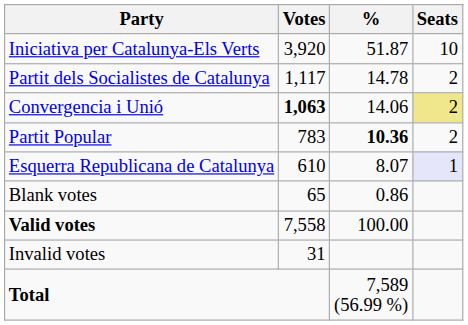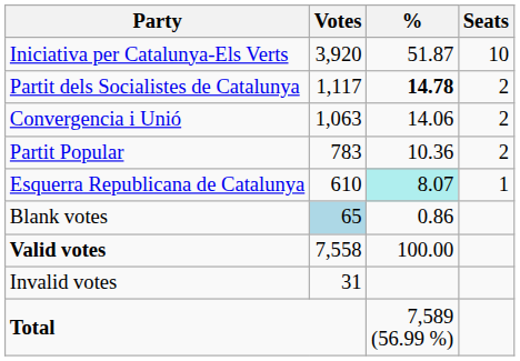 <table class="wikitable" border="1">
 <tr style="background-color:#E9E9E9">
 <th>Party</th>
 <th>Votes</th>
 <th>%</th>
 <th>Seats</th>
 </tr>
 <tr>
 <td><a href='#'>Iniciativa per Catalunya-Els Verts</a></td>
 <td align="right">3,920</td>
 <td align="right">51.87</td>
 <td align="right">10</td>
 </tr>
 <tr>
 <td><a href='#'>Partit dels Socialistes de Catalunya</a></td>
 <td align="right">1,117</td>
-<td align="right">14.78</td>
+<td align="right"><strong>14.78</strong></td>
 <td align="right">2</td>
 </tr>
 <tr>
 <td><a href='#'>Convergencia i Unió</a></td>
-<td align="right"><strong>1,063</strong></td>
+<td align="right">1,063</td>
 <td align="right">14.06</td>
-<td align="right" style="background: khaki;">2</td>
+<td align="right">2</td>
 </tr>
 <tr>
 <td><a href='#'>Partit Popular</a></td>
 <td align="right">783</td>
-<td align="right"><strong>10.36</strong></td>
+<td align="right">10.36</td>
 <td align="right">2</td>
 </tr>
 <tr>
 <td><a href='#'>Esquerra Republicana de Catalunya</a></td>
 <td align="right">610</td>
-<td align="right">8.07</td>
-<td align="right" style="background: lavender;">1</td>
+<td align="right" style="background: paleturquoise;">8.07</td>
+<td align="right">1</td>
 </tr>
 <tr>
 <td>Blank votes</td>
-<td align="right">65</td>
+<td align="right" style="background: lightblue;">65</td>
 <td align="right">0.86</td>
 <td> </td>
 </tr>
 <tr>
 <td><strong>Valid votes</strong></td>
 <td align="right">7,558</td>
 <td align="right">100.00</td>
 <td> </td>
 </tr>
 <tr>
 <td>Invalid votes</td>
 <td align="right">31</td>
 <td> </td>
 <td> </td>
 </tr>
 <tr>
 <td colspan="2"><strong>Total</strong></td>
 <td align="right">7,589<br>(56.99 %)</td>
 <td></td>
 </tr>
 </table>
